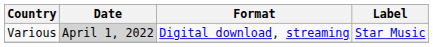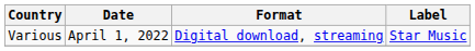 <table class="wikitable">
 <tr>
 <th>Country</th>
 <th>Date</th>
 <th>Format</th>
 <th>Label</th>
 </tr>
 <tr>
 <td>Various</td>
-<td style="background: lightgrey;">April 1, 2022</td>
+<td>April 1, 2022</td>
 <td><a href='#'>Digital download</a>, <a href='#'>streaming</a></td>
 <td><a href='#'>Star Music</a></td>
 </tr>
 <tr>
 </tr>
 </table>
